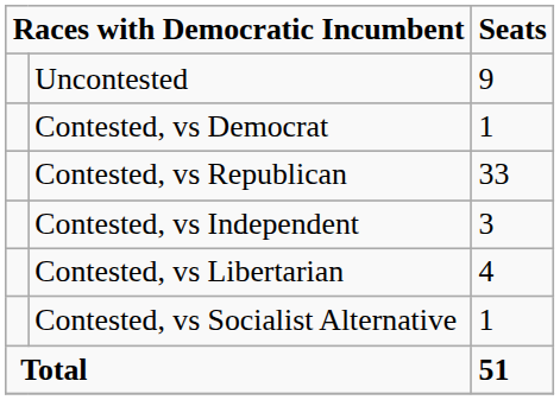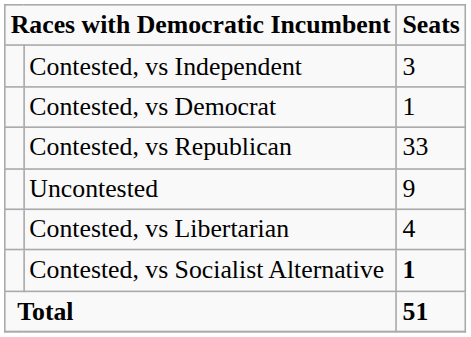 <table class="wikitable">
 <tr>
 <td colspan="2" rowspan="1" align="center"><strong>Races with Democratic Incumbent</strong></td>
 <td valign="top"><strong>Seats</strong><br></td>
 </tr>
 <tr>
 <td style="background-color:"> </td>
-<td>Uncontested</td>
-<td>9</td>
+<td>Contested, vs Independent</td>
+<td>3</td>
 </tr>
 <tr>
 <td style="background-color:"> </td>
 <td>Contested, vs Democrat</td>
 <td>1</td>
 </tr>
 <tr>
 <td style="background-color:"> </td>
 <td>Contested, vs Republican</td>
 <td>33</td>
 </tr>
 <tr>
 <td style="background-color:"> </td>
-<td>Contested, vs Independent</td>
-<td>3</td>
+<td>Uncontested</td>
+<td>9</td>
 </tr>
 <tr>
 <td style="background-color:"> </td>
 <td>Contested, vs Libertarian</td>
 <td>4</td>
 </tr>
 <tr>
 <td style="background-color:"> </td>
 <td>Contested, vs Socialist Alternative</td>
-<td>1</td>
+<td><strong>1</strong></td>
 </tr>
 <tr>
 <td colspan="2" rowspan="1"> <strong>Total</strong><br></td>
 <td><strong>51</strong></td>
 </tr>
 <tr>
 </tr>
 </table>
